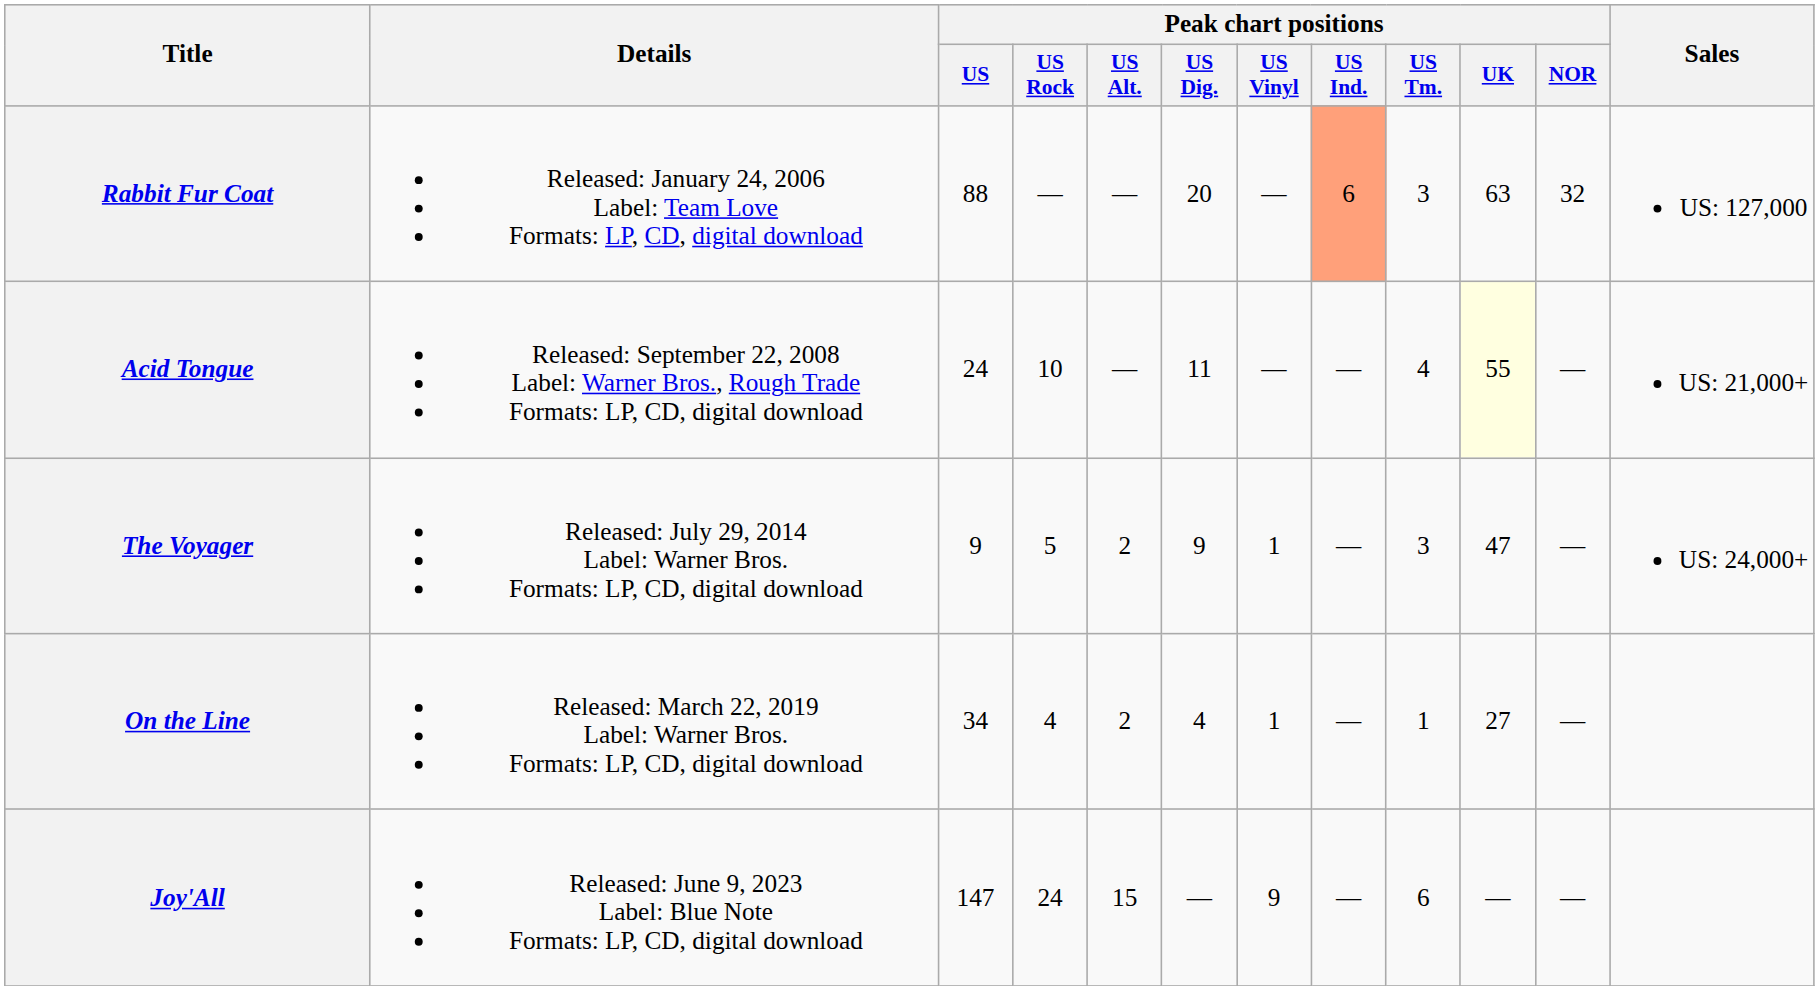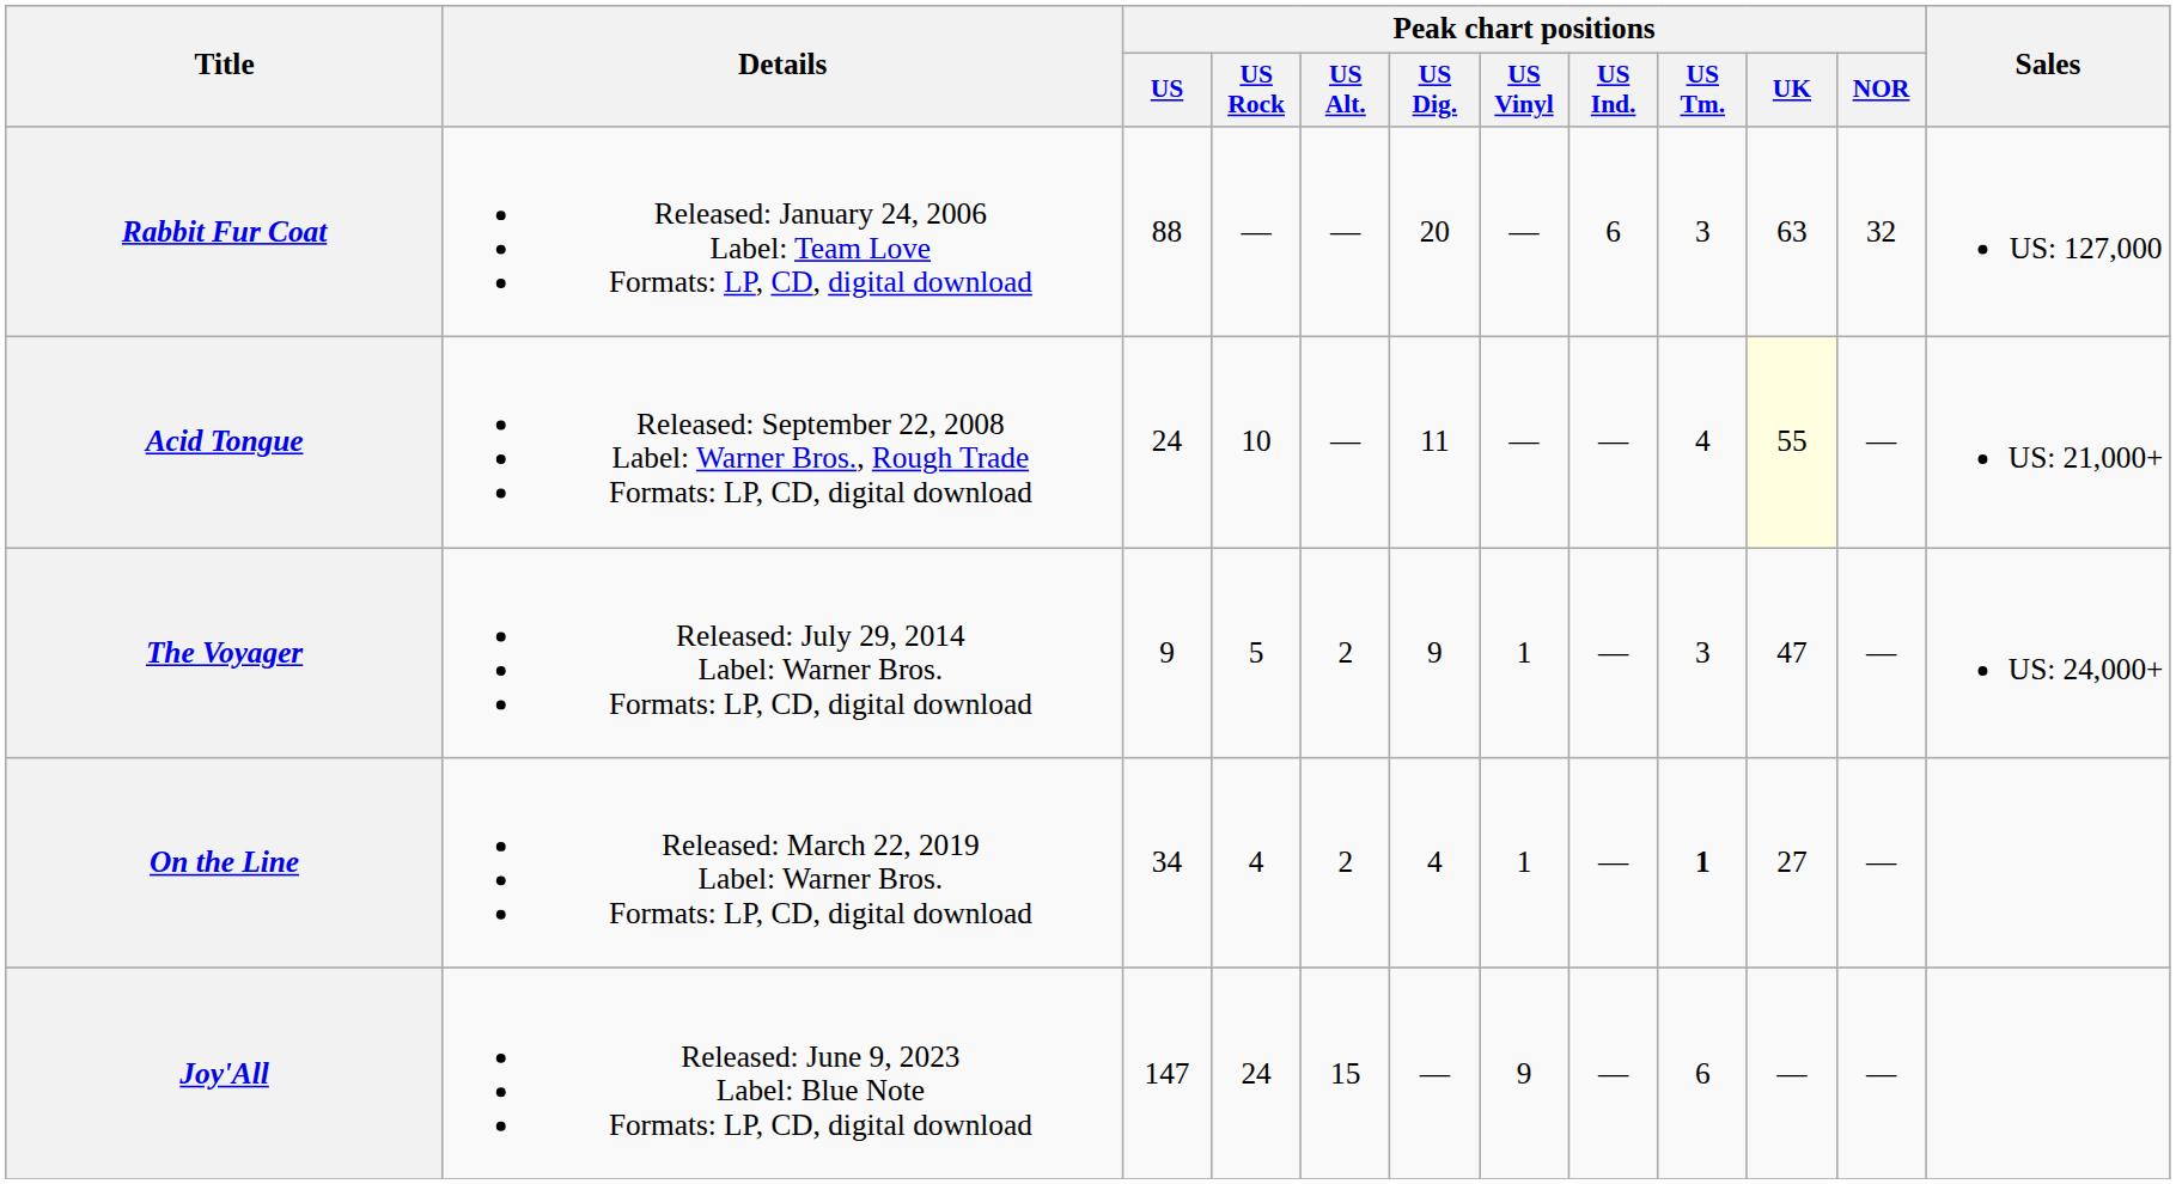 <table class="wikitable plainrowheaders" style="text-align:center;">
 <tr>
 <th scope="col" rowspan="2" style="width:14em;">Title</th>
 <th scope="col" rowspan="2" style="width:22em;">Details</th>
 <th scope="col" colspan="9">Peak chart positions</th>
 <th scope="col" rowspan="2">Sales</th>
 </tr>
 <tr>
 <th scope="col" style="width:3em;font-size:85%;"><a href='#'>US</a><br></th>
 <th scope="col" style="width:3em;font-size:85%;"><a href='#'>US<br>Rock</a><br></th>
 <th scope="col" style="width:3em;font-size:85%;"><a href='#'>US<br>Alt.</a><br></th>
 <th scope="col" style="width:3em;font-size:85%;"><a href='#'>US<br>Dig.</a><br></th>
 <th scope="col" style="width:3em;font-size:85%;"><a href='#'>US<br>Vinyl</a><br></th>
 <th scope="col" style="width:3em;font-size:85%;"><a href='#'>US<br>Ind.</a><br></th>
 <th scope="col" style="width:3em;font-size:85%;"><a href='#'>US<br>Tm.</a><br></th>
 <th scope="col" style="width:3em;font-size:85%;"><a href='#'>UK</a><br></th>
 <th scope="col" style="width:3em;font-size:85%;"><a href='#'>NOR</a></th>
 </tr>
 <tr>
 <th scope="row"><em><a href='#'>Rabbit Fur Coat</a></em></th>
 <td><br><ul><li>Released: January 24, 2006</li><li>Label: <a href='#'>Team Love</a></li><li>Formats: <a href='#'>LP</a>, <a href='#'>CD</a>, <a href='#'>digital download</a></li></ul></td>
 <td>88</td>
 <td>—</td>
 <td>—</td>
 <td>20</td>
 <td>—</td>
-<td style="background: lightsalmon;">6</td>
+<td>6</td>
 <td>3</td>
 <td>63</td>
 <td>32</td>
 <td><br><ul><li>US: 127,000</li></ul></td>
 </tr>
 <tr>
 <th scope="row"><em><a href='#'>Acid Tongue</a></em></th>
 <td><br><ul><li>Released: September 22, 2008</li><li>Label: <a href='#'>Warner Bros.</a>, <a href='#'>Rough Trade</a></li><li>Formats: LP, CD, digital download</li></ul></td>
 <td>24</td>
 <td>10</td>
 <td>—</td>
 <td>11</td>
 <td>—</td>
 <td>—</td>
 <td>4</td>
 <td style="background: lightyellow;">55</td>
 <td>—</td>
 <td><br><ul><li>US: 21,000+</li></ul></td>
 </tr>
 <tr>
 <th scope="row"><em><a href='#'>The Voyager</a></em></th>
 <td><br><ul><li>Released: July 29, 2014</li><li>Label: Warner Bros.</li><li>Formats: LP, CD, digital download</li></ul></td>
 <td>9</td>
 <td>5</td>
 <td>2</td>
 <td>9</td>
 <td>1</td>
 <td>—</td>
 <td>3</td>
 <td>47</td>
 <td>—</td>
 <td><br><ul><li>US: 24,000+</li></ul></td>
 </tr>
 <tr>
 <th scope="row"><em><a href='#'>On the Line</a></em></th>
 <td><br><ul><li>Released: March 22, 2019</li><li>Label: Warner Bros.</li><li>Formats: LP, CD, digital download</li></ul></td>
 <td>34</td>
 <td>4</td>
 <td>2</td>
 <td>4</td>
 <td>1</td>
 <td>—</td>
-<td>1</td>
+<td><strong>1</strong></td>
 <td>27</td>
 <td>—</td>
 <td></td>
 </tr>
 <tr>
 <th scope="row"><em><a href='#'>Joy'All</a></em></th>
 <td><br><ul><li>Released: June 9, 2023</li><li>Label: Blue Note</li><li>Formats: LP, CD, digital download</li></ul></td>
 <td>147<br></td>
 <td>24</td>
 <td>15</td>
 <td>—</td>
 <td>9</td>
 <td>—</td>
 <td>6</td>
 <td>—</td>
 <td>—</td>
 <td></td>
 </tr>
 </table>
